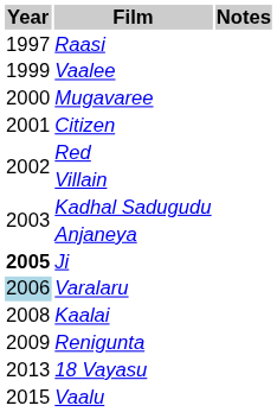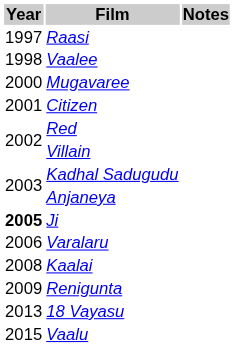 <table class="wikipedia">
 <tr style="background:#ccc; text-align:center;">
 <th>Year</th>
 <th>Film</th>
 <th>Notes</th>
 </tr>
 <tr>
 <td>1997</td>
 <td><em><a href='#'>Raasi</a></em></td>
 <td></td>
 </tr>
 <tr>
-<td>1999</td>
+<td>1998</td>
 <td><em><a href='#'>Vaalee</a></em></td>
 <td></td>
 </tr>
 <tr>
 <td>2000</td>
 <td><em><a href='#'>Mugavaree</a></em></td>
 <td></td>
 </tr>
 <tr>
 <td>2001</td>
 <td><em><a href='#'>Citizen</a></em></td>
 <td></td>
 </tr>
 <tr>
 <td rowspan="2">2002</td>
 <td><em><a href='#'>Red</a></em></td>
 <td></td>
 </tr>
 <tr>
 <td><em><a href='#'>Villain</a></em></td>
 <td></td>
 </tr>
 <tr>
 <td rowspan="2">2003</td>
 <td><em><a href='#'>Kadhal Sadugudu</a></em></td>
 <td></td>
 </tr>
 <tr>
 <td><em><a href='#'>Anjaneya</a></em></td>
 <td></td>
 </tr>
 <tr>
 <td><strong>2005</strong></td>
 <td><em><a href='#'>Ji</a></em></td>
 <td></td>
 </tr>
 <tr>
-<td style="background: lightblue;">2006</td>
+<td>2006</td>
 <td><em><a href='#'>Varalaru</a></em></td>
 <td></td>
 </tr>
 <tr>
 <td>2008</td>
 <td><em><a href='#'>Kaalai</a></em></td>
 <td></td>
 </tr>
 <tr>
 <td>2009</td>
 <td><em><a href='#'>Renigunta</a></em></td>
 <td></td>
 </tr>
 <tr>
 <td>2013</td>
 <td><em><a href='#'>18 Vayasu</a></em></td>
 <td></td>
 </tr>
 <tr>
 <td>2015</td>
 <td><em><a href='#'>Vaalu</a></em></td>
 <td></td>
 </tr>
 <tr>
 </tr>
 </table>
